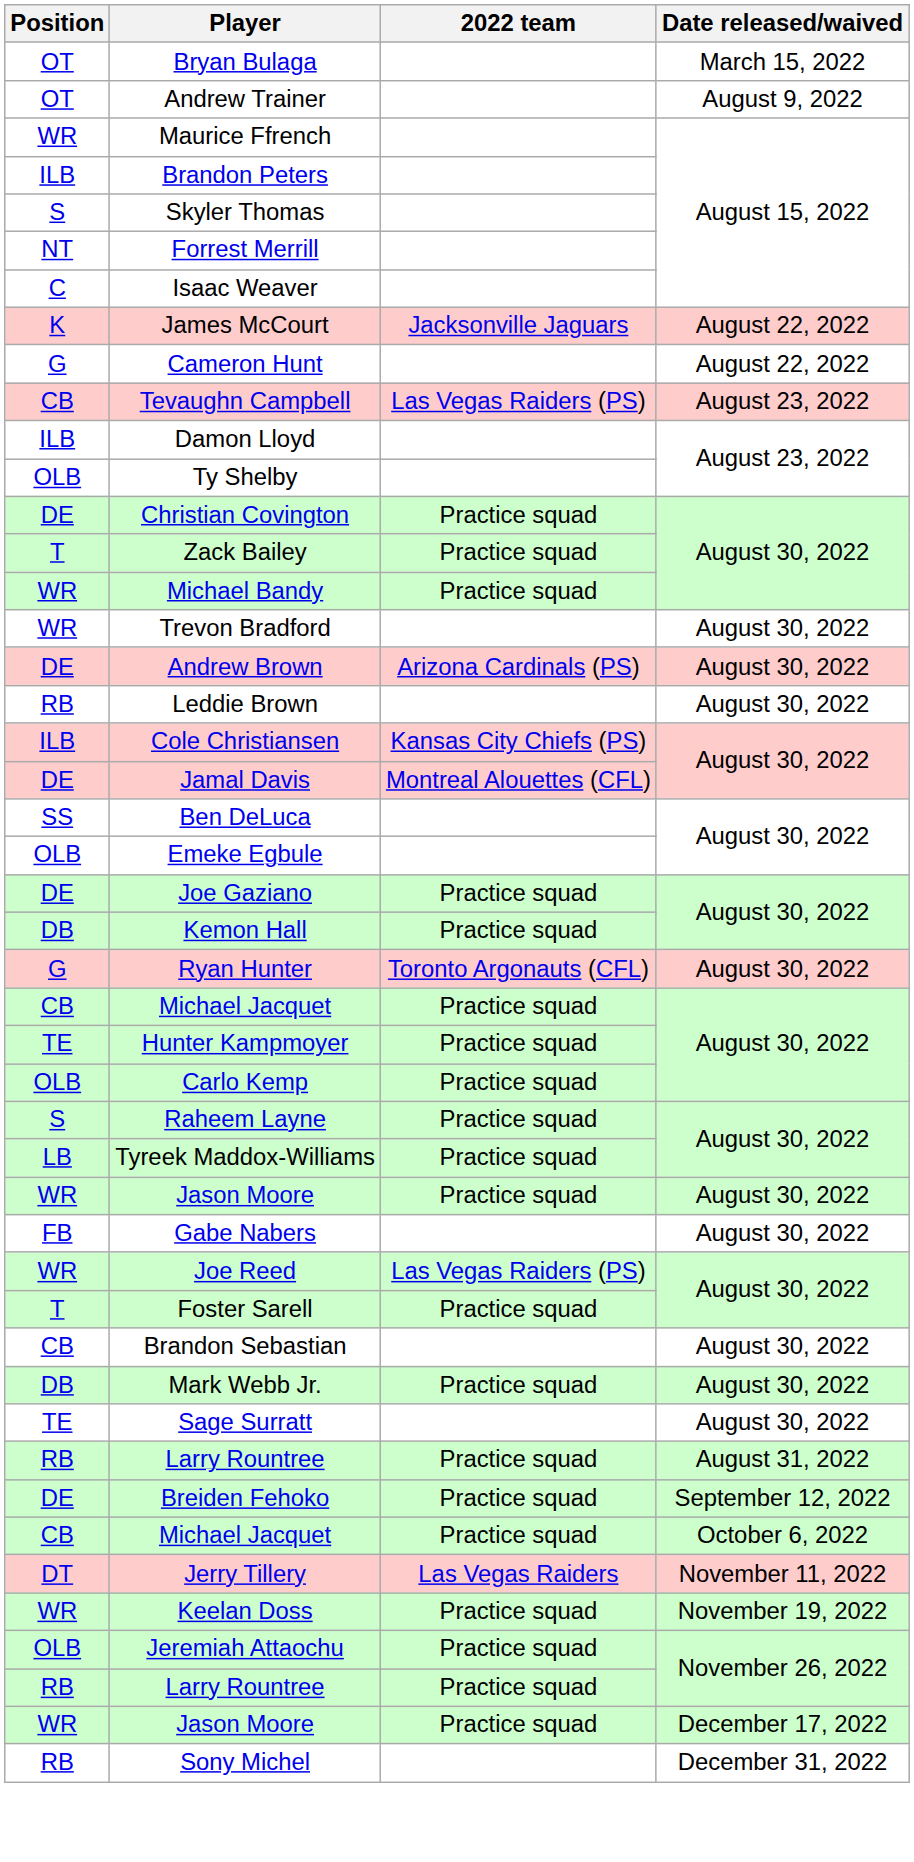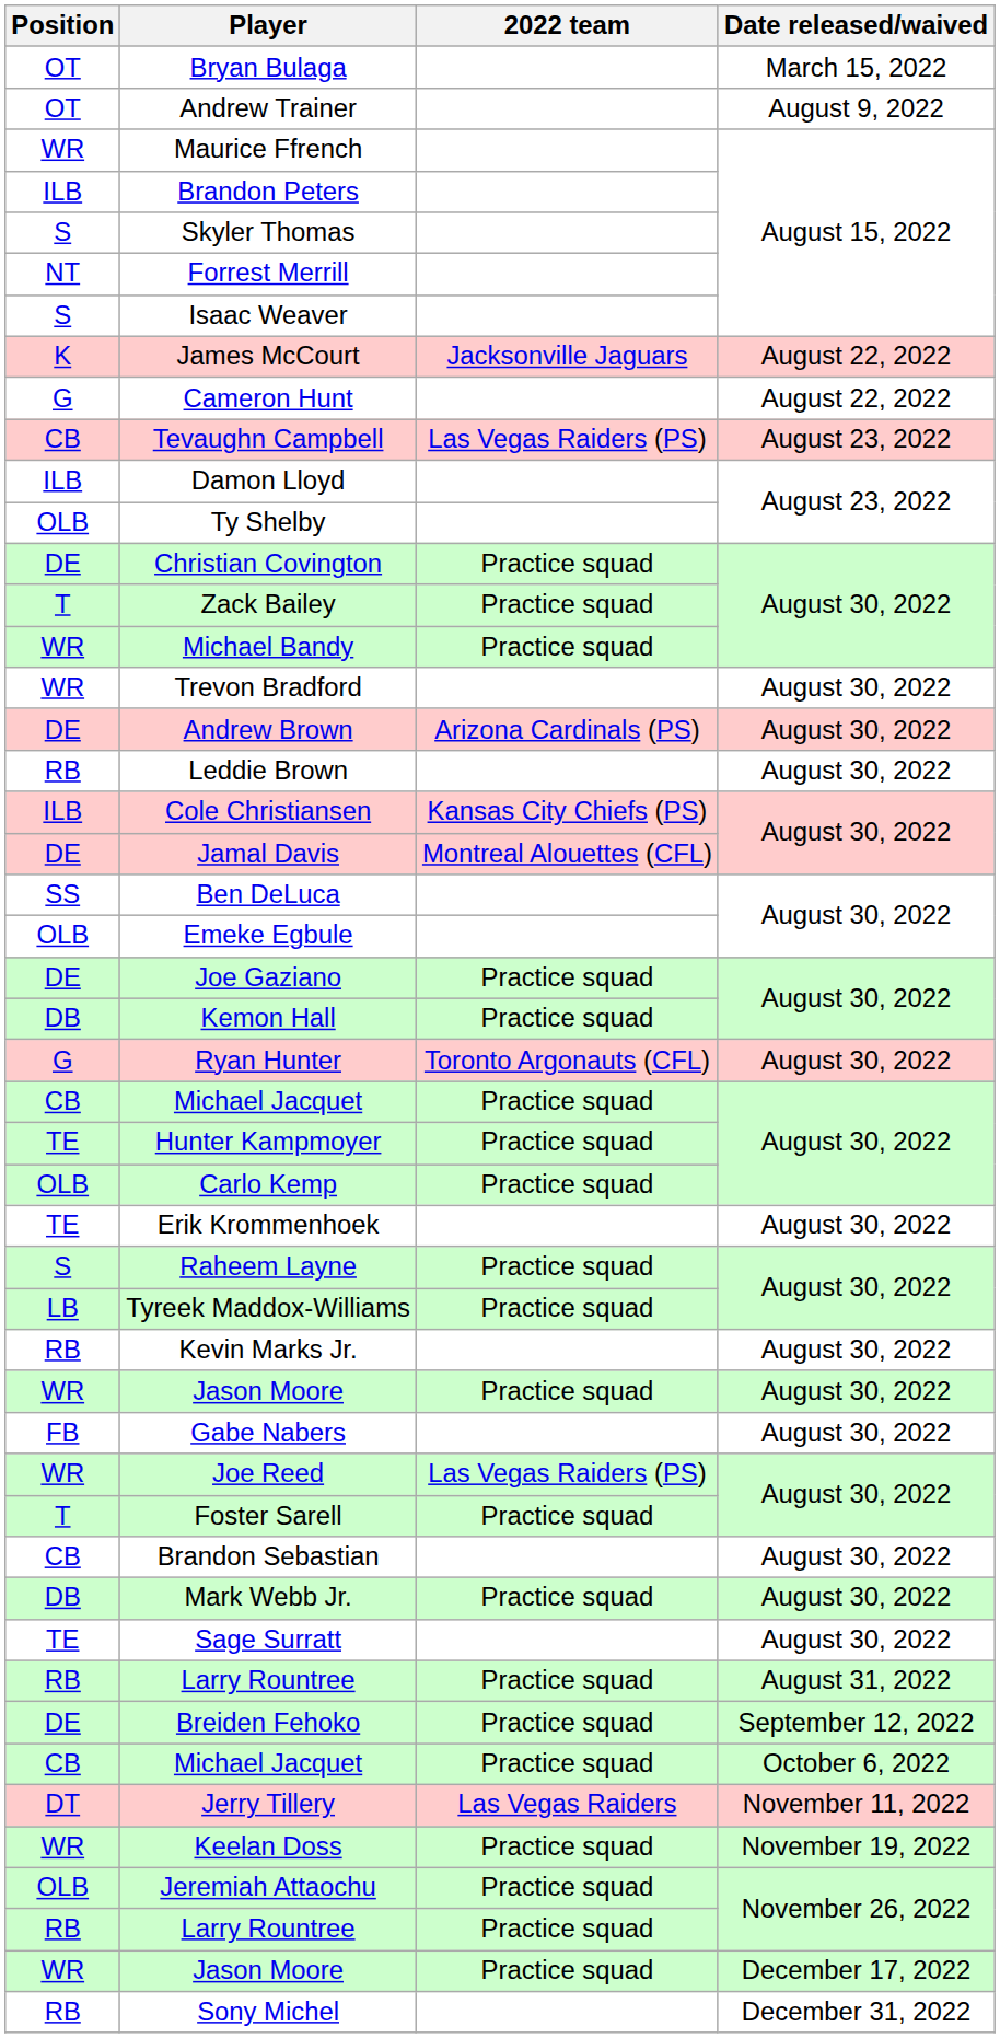 <table class="wikitable" style="text-align:center">
 <tr>
 <th>Position</th>
 <th>Player</th>
 <th>2022 team</th>
 <th>Date released/waived</th>
 </tr>
 <tr style="background:#fff">
 <td><a href='#'>OT</a></td>
 <td><a href='#'>Bryan Bulaga</a></td>
 <td></td>
 <td>March 15, 2022</td>
 </tr>
 <tr style="background:#fff">
 <td><a href='#'>OT</a></td>
 <td>Andrew Trainer</td>
 <td></td>
 <td>August 9, 2022</td>
 </tr>
 <tr style="background:#fff">
 <td><a href='#'>WR</a></td>
 <td>Maurice Ffrench</td>
 <td></td>
 <td rowspan=5>August 15, 2022</td>
 </tr>
 <tr style="background:#fff">
 <td><a href='#'>ILB</a></td>
 <td><a href='#'>Brandon Peters</a></td>
 <td></td>
 </tr>
 <tr style="background:#fff">
 <td><a href='#'>S</a></td>
 <td>Skyler Thomas</td>
 <td></td>
 </tr>
 <tr style="background:#fff">
 <td><a href='#'>NT</a></td>
 <td><a href='#'>Forrest Merrill</a></td>
 <td></td>
 </tr>
 <tr style="background:#fff">
-<td><a href='#'>C</a></td>
+<td><a href='#'>S</a></td>
 <td>Isaac Weaver</td>
 <td></td>
 </tr>
 <tr style="background:#fcc">
 <td><a href='#'>K</a></td>
 <td>James McCourt</td>
 <td><a href='#'>Jacksonville Jaguars</a></td>
 <td>August 22, 2022</td>
 </tr>
 <tr style="background:#fff">
 <td><a href='#'>G</a></td>
 <td><a href='#'>Cameron Hunt</a></td>
 <td></td>
 <td>August 22, 2022</td>
 </tr>
 <tr style="background:#fcc">
 <td><a href='#'>CB</a></td>
 <td><a href='#'>Tevaughn Campbell</a></td>
 <td><a href='#'>Las Vegas Raiders</a> (<a href='#'>PS</a>)</td>
 <td>August 23, 2022</td>
 </tr>
 <tr style="background:#fff">
 <td><a href='#'>ILB</a></td>
 <td>Damon Lloyd</td>
 <td></td>
 <td rowspan=2>August 23, 2022</td>
 </tr>
 <tr style="background:#fff">
 <td><a href='#'>OLB</a></td>
 <td>Ty Shelby</td>
 <td></td>
 </tr>
 <tr style="background:#cfc">
 <td><a href='#'>DE</a></td>
 <td><a href='#'>Christian Covington</a></td>
 <td>Practice squad</td>
 <td rowspan=3>August 30, 2022</td>
 </tr>
 <tr style="background:#cfc">
 <td><a href='#'>T</a></td>
 <td>Zack Bailey</td>
 <td>Practice squad</td>
 </tr>
 <tr style="background:#cfc">
 <td><a href='#'>WR</a></td>
 <td><a href='#'>Michael Bandy</a></td>
 <td>Practice squad</td>
 </tr>
 <tr style="background:#fff">
 <td><a href='#'>WR</a></td>
 <td>Trevon Bradford</td>
 <td></td>
 <td>August 30, 2022</td>
 </tr>
 <tr style="background:#fcc">
 <td><a href='#'>DE</a></td>
 <td><a href='#'>Andrew Brown</a></td>
 <td><a href='#'>Arizona Cardinals</a> (<a href='#'>PS</a>)</td>
 <td>August 30, 2022</td>
 </tr>
 <tr style="background:#fff">
 <td><a href='#'>RB</a></td>
 <td>Leddie Brown</td>
 <td></td>
 <td>August 30, 2022</td>
 </tr>
 <tr style="background:#fcc">
 <td><a href='#'>ILB</a></td>
 <td><a href='#'>Cole Christiansen</a></td>
 <td><a href='#'>Kansas City Chiefs</a> (<a href='#'>PS</a>)</td>
 <td rowspan=2>August 30, 2022</td>
 </tr>
 <tr style="background:#fcc">
 <td><a href='#'>DE</a></td>
 <td><a href='#'>Jamal Davis</a></td>
 <td><a href='#'>Montreal Alouettes</a> (<a href='#'>CFL</a>)</td>
 </tr>
 <tr style="background:#fff">
 <td><a href='#'>SS</a></td>
 <td><a href='#'>Ben DeLuca</a></td>
 <td></td>
 <td rowspan=2>August 30, 2022</td>
 </tr>
 <tr style="background:#fff">
 <td><a href='#'>OLB</a></td>
 <td><a href='#'>Emeke Egbule</a></td>
 <td></td>
 </tr>
 <tr style="background:#cfc">
 <td><a href='#'>DE</a></td>
 <td><a href='#'>Joe Gaziano</a></td>
 <td>Practice squad</td>
 <td rowspan=2>August 30, 2022</td>
 </tr>
 <tr style="background:#cfc">
 <td><a href='#'>DB</a></td>
 <td><a href='#'>Kemon Hall</a></td>
 <td>Practice squad</td>
 </tr>
 <tr style="background:#fcc">
 <td><a href='#'>G</a></td>
 <td><a href='#'>Ryan Hunter</a></td>
 <td><a href='#'>Toronto Argonauts</a> (<a href='#'>CFL</a>)</td>
 <td>August 30, 2022</td>
 </tr>
 <tr style="background:#cfc">
 <td><a href='#'>CB</a></td>
 <td><a href='#'>Michael Jacquet</a></td>
 <td>Practice squad</td>
 <td rowspan=3>August 30, 2022</td>
 </tr>
 <tr style="background:#cfc">
 <td><a href='#'>TE</a></td>
 <td><a href='#'>Hunter Kampmoyer</a></td>
 <td>Practice squad</td>
 </tr>
 <tr style="background:#cfc">
 <td><a href='#'>OLB</a></td>
 <td><a href='#'>Carlo Kemp</a></td>
 <td>Practice squad</td>
 </tr>
+<tr style="background:#fff">
+<td><a href='#'>TE</a></td>
+<td>Erik Krommenhoek</td>
+<td></td>
+<td>August 30, 2022</td>
+</tr>
 <tr style="background:#cfc">
 <td><a href='#'>S</a></td>
 <td><a href='#'>Raheem Layne</a></td>
 <td>Practice squad</td>
 <td rowspan=2>August 30, 2022</td>
 </tr>
 <tr style="background:#cfc">
 <td><a href='#'>LB</a></td>
 <td>Tyreek Maddox-Williams</td>
 <td>Practice squad</td>
+</tr>
+<tr style="background:#fff">
+<td><a href='#'>RB</a></td>
+<td>Kevin Marks Jr.</td>
+<td></td>
+<td>August 30, 2022</td>
 </tr>
 <tr style="background:#cfc">
 <td><a href='#'>WR</a></td>
 <td><a href='#'>Jason Moore</a></td>
 <td>Practice squad</td>
 <td>August 30, 2022</td>
 </tr>
 <tr style="background:#fff">
 <td><a href='#'>FB</a></td>
 <td><a href='#'>Gabe Nabers</a></td>
 <td></td>
 <td>August 30, 2022</td>
 </tr>
 <tr style="background:#cfc">
 <td><a href='#'>WR</a></td>
 <td><a href='#'>Joe Reed</a></td>
 <td><a href='#'>Las Vegas Raiders</a> (<a href='#'>PS</a>)</td>
 <td rowspan=2>August 30, 2022</td>
 </tr>
 <tr style="background:#cfc">
 <td><a href='#'>T</a></td>
 <td>Foster Sarell</td>
 <td>Practice squad</td>
 </tr>
 <tr style="background:#fff">
 <td><a href='#'>CB</a></td>
 <td>Brandon Sebastian</td>
 <td></td>
 <td>August 30, 2022</td>
 </tr>
 <tr style="background:#cfc">
 <td><a href='#'>DB</a></td>
 <td>Mark Webb Jr.</td>
 <td>Practice squad</td>
 <td>August 30, 2022</td>
 </tr>
 <tr style="background:#fff">
 <td><a href='#'>TE</a></td>
 <td><a href='#'>Sage Surratt</a></td>
 <td></td>
 <td>August 30, 2022</td>
 </tr>
 <tr style="background:#cfc">
 <td><a href='#'>RB</a></td>
 <td><a href='#'>Larry Rountree</a></td>
 <td>Practice squad</td>
 <td>August 31, 2022</td>
 </tr>
 <tr style="background:#cfc">
 <td><a href='#'>DE</a></td>
 <td><a href='#'>Breiden Fehoko</a></td>
 <td>Practice squad</td>
 <td>September 12, 2022</td>
 </tr>
 <tr style="background:#cfc">
 <td><a href='#'>CB</a></td>
 <td><a href='#'>Michael Jacquet</a></td>
 <td>Practice squad</td>
 <td>October 6, 2022</td>
 </tr>
 <tr style="background:#fcc">
 <td><a href='#'>DT</a></td>
 <td><a href='#'>Jerry Tillery</a></td>
 <td><a href='#'>Las Vegas Raiders</a></td>
 <td>November 11, 2022</td>
 </tr>
 <tr style="background:#cfc">
 <td><a href='#'>WR</a></td>
 <td><a href='#'>Keelan Doss</a></td>
 <td>Practice squad</td>
 <td>November 19, 2022</td>
 </tr>
 <tr style="background:#cfc">
 <td><a href='#'>OLB</a></td>
 <td><a href='#'>Jeremiah Attaochu</a></td>
 <td>Practice squad</td>
 <td rowspan=2>November 26, 2022</td>
 </tr>
 <tr style="background:#cfc">
 <td><a href='#'>RB</a></td>
 <td><a href='#'>Larry Rountree</a></td>
 <td>Practice squad</td>
 </tr>
 <tr style="background:#cfc">
 <td><a href='#'>WR</a></td>
 <td><a href='#'>Jason Moore</a></td>
 <td>Practice squad</td>
 <td>December 17, 2022</td>
 </tr>
 <tr style="background:#fff">
 <td><a href='#'>RB</a></td>
 <td><a href='#'>Sony Michel</a></td>
 <td></td>
 <td>December 31, 2022</td>
 </tr>
 </table>
